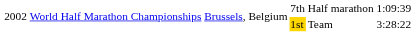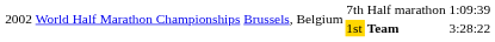 <table>
 <tr>
 <td rowspan=2>2002</td>
 <td rowspan=2><a href='#'>World Half Marathon Championships</a></td>
 <td rowspan=2><a href='#'>Brussels</a>, Belgium</td>
 <td>7th</td>
 <td>Half marathon</td>
 <td>1:09:39</td>
 </tr>
 <tr>
 <td bgcolor=gold>1st</td>
-<td>Team</td>
+<td><strong>Team</strong></td>
 <td>3:28:22</td>
 </tr>
 </table>
